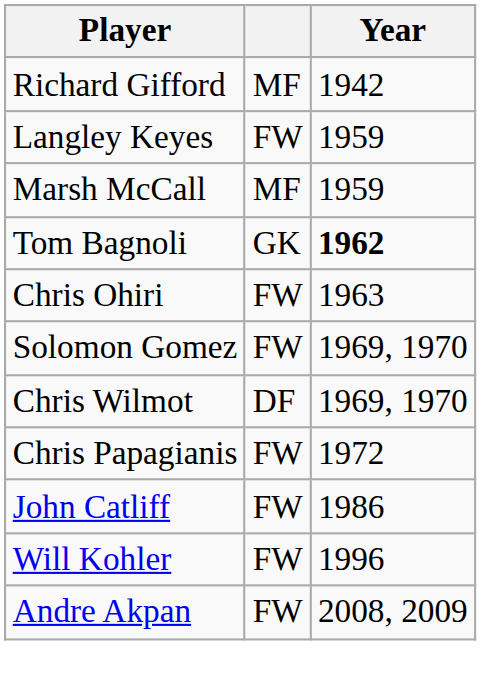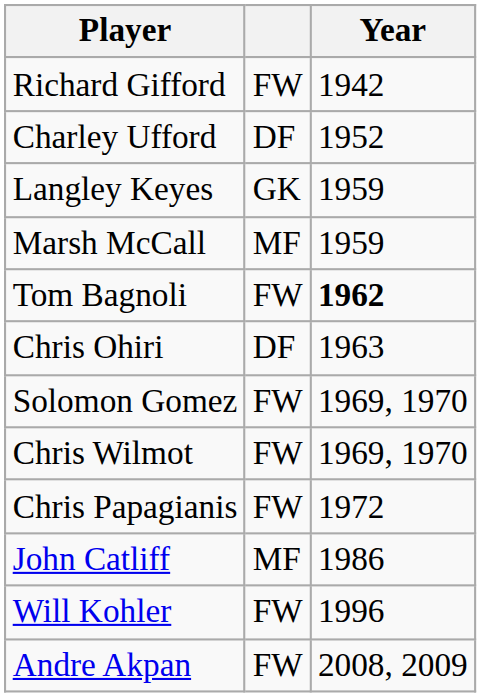 <table class="wikitable"; style= "text-align: ">
 <tr>
 <th width=px>Player</th>
 <th width=px></th>
 <th width=px>Year</th>
 </tr>
 <tr>
 <td>Richard Gifford</td>
-<td>MF</td>
+<td>FW</td>
 <td>1942</td>
 </tr>
 <tr>
+<td>Charley Ufford</td>
+<td>DF</td>
+<td>1952</td>
+</tr>
+<tr>
 <td>Langley Keyes</td>
-<td>FW</td>
+<td>GK</td>
 <td>1959</td>
 </tr>
 <tr>
 <td>Marsh McCall</td>
 <td>MF</td>
 <td>1959</td>
 </tr>
 <tr>
 <td>Tom Bagnoli</td>
-<td>GK</td>
+<td>FW</td>
 <td><strong>1962</strong></td>
 </tr>
 <tr>
 <td>Chris Ohiri</td>
-<td>FW</td>
+<td>DF</td>
 <td>1963</td>
 </tr>
 <tr>
 <td>Solomon Gomez</td>
 <td>FW</td>
 <td>1969, 1970</td>
 </tr>
 <tr>
 <td>Chris Wilmot</td>
-<td>DF</td>
+<td>FW</td>
 <td>1969, 1970</td>
 </tr>
 <tr>
 <td>Chris Papagianis</td>
 <td>FW</td>
 <td>1972</td>
 </tr>
 <tr>
 <td><a href='#'>John Catliff</a></td>
-<td>FW</td>
+<td>MF</td>
 <td>1986</td>
 </tr>
 <tr>
 <td><a href='#'>Will Kohler</a></td>
 <td>FW</td>
 <td>1996</td>
 </tr>
 <tr>
 <td><a href='#'>Andre Akpan</a></td>
 <td>FW</td>
 <td>2008, 2009</td>
 </tr>
 </table>
